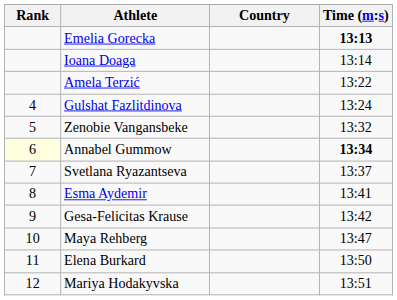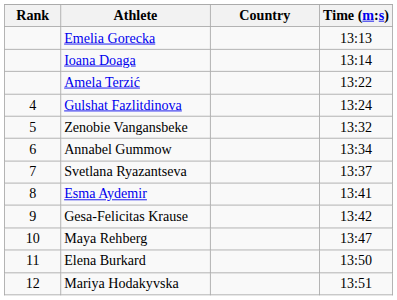 <table class="wikitable" width=50%>
 <tr>
 </tr>
 <tr>
 <th width=5%>Rank</th>
 <th width=20%>Athlete</th>
 <th width=15%>Country</th>
 <th width=10%>Time (<a href='#'>m</a>:<a href='#'>s</a>)</th>
 </tr>
 <tr align="center">
 <td></td>
 <td align="left"><a href='#'>Emelia Gorecka</a></td>
 <td align="left"></td>
-<td><strong>13:13</strong></td>
+<td>13:13</td>
 </tr>
 <tr align="center">
 <td></td>
 <td align="left"><a href='#'>Ioana Doaga</a></td>
 <td align="left"></td>
 <td>13:14</td>
 </tr>
 <tr align="center">
 <td></td>
 <td align="left"><a href='#'>Amela Terzić</a></td>
 <td align="left"></td>
 <td>13:22</td>
 </tr>
 <tr align="center">
 <td>4</td>
 <td align="left"><a href='#'>Gulshat Fazlitdinova</a></td>
 <td align="left"></td>
 <td>13:24</td>
 </tr>
 <tr align="center">
 <td>5</td>
 <td align="left">Zenobie Vangansbeke</td>
 <td align="left"></td>
 <td>13:32</td>
 </tr>
 <tr align="center">
-<td style="background: lightyellow;">6</td>
+<td>6</td>
 <td align="left">Annabel Gummow</td>
 <td align="left"></td>
-<td><strong>13:34</strong></td>
+<td>13:34</td>
 </tr>
 <tr align="center">
 <td>7</td>
 <td align="left">Svetlana Ryazantseva</td>
 <td align="left"></td>
 <td>13:37</td>
 </tr>
 <tr align="center">
 <td>8</td>
 <td align="left"><a href='#'>Esma Aydemir</a></td>
 <td align="left"></td>
 <td>13:41</td>
 </tr>
 <tr align="center">
 <td>9</td>
 <td align="left">Gesa-Felicitas Krause</td>
 <td align="left"></td>
 <td>13:42</td>
 </tr>
 <tr align="center">
 <td>10</td>
 <td align="left">Maya Rehberg</td>
 <td align="left"></td>
 <td>13:47</td>
 </tr>
 <tr align="center">
 <td>11</td>
 <td align="left">Elena Burkard</td>
 <td align="left"></td>
 <td>13:50</td>
 </tr>
 <tr align="center">
 <td>12</td>
 <td align="left">Mariya Hodakyvska</td>
 <td align="left"></td>
 <td>13:51</td>
 </tr>
 </table>
